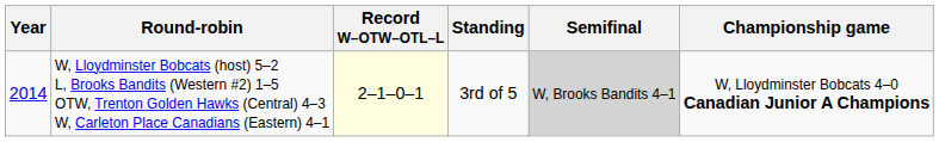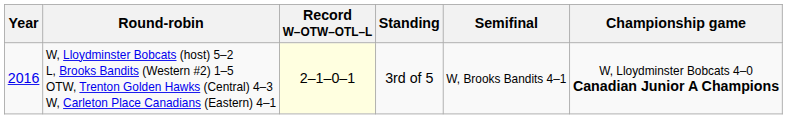 <table class="wikitable" style="text-align:center;">
 <tr>
 <th>Year</th>
 <th>Round-robin</th>
 <th>Record<br><small>W–OTW–OTL–L</small></th>
 <th>Standing</th>
 <th>Semifinal</th>
 <th>Championship game</th>
 </tr>
 <tr>
-<td><a href='#'>2014</a></td>
+<td><a href='#'>2016</a></td>
 <td align=left><small>W, <a href='#'>Lloydminster Bobcats</a> (host) 5–2<br>L, <a href='#'>Brooks Bandits</a> (Western #2) 1–5<br>OTW, <a href='#'>Trenton Golden Hawks</a> (Central) 4–3<br>W, <a href='#'>Carleton Place Canadians</a> (Eastern) 4–1</small></td>
 <td style="background: lightyellow;">2–1–0–1</td>
 <td>3rd of 5</td>
-<td style="background: lightgrey;"><small>W, Brooks Bandits 4–1</small></td>
+<td><small>W, Brooks Bandits 4–1</small></td>
 <td><small>W, Lloydminster Bobcats 4–0</small><br><strong>Canadian Junior A Champions</strong></td>
 </tr>
 </table>
